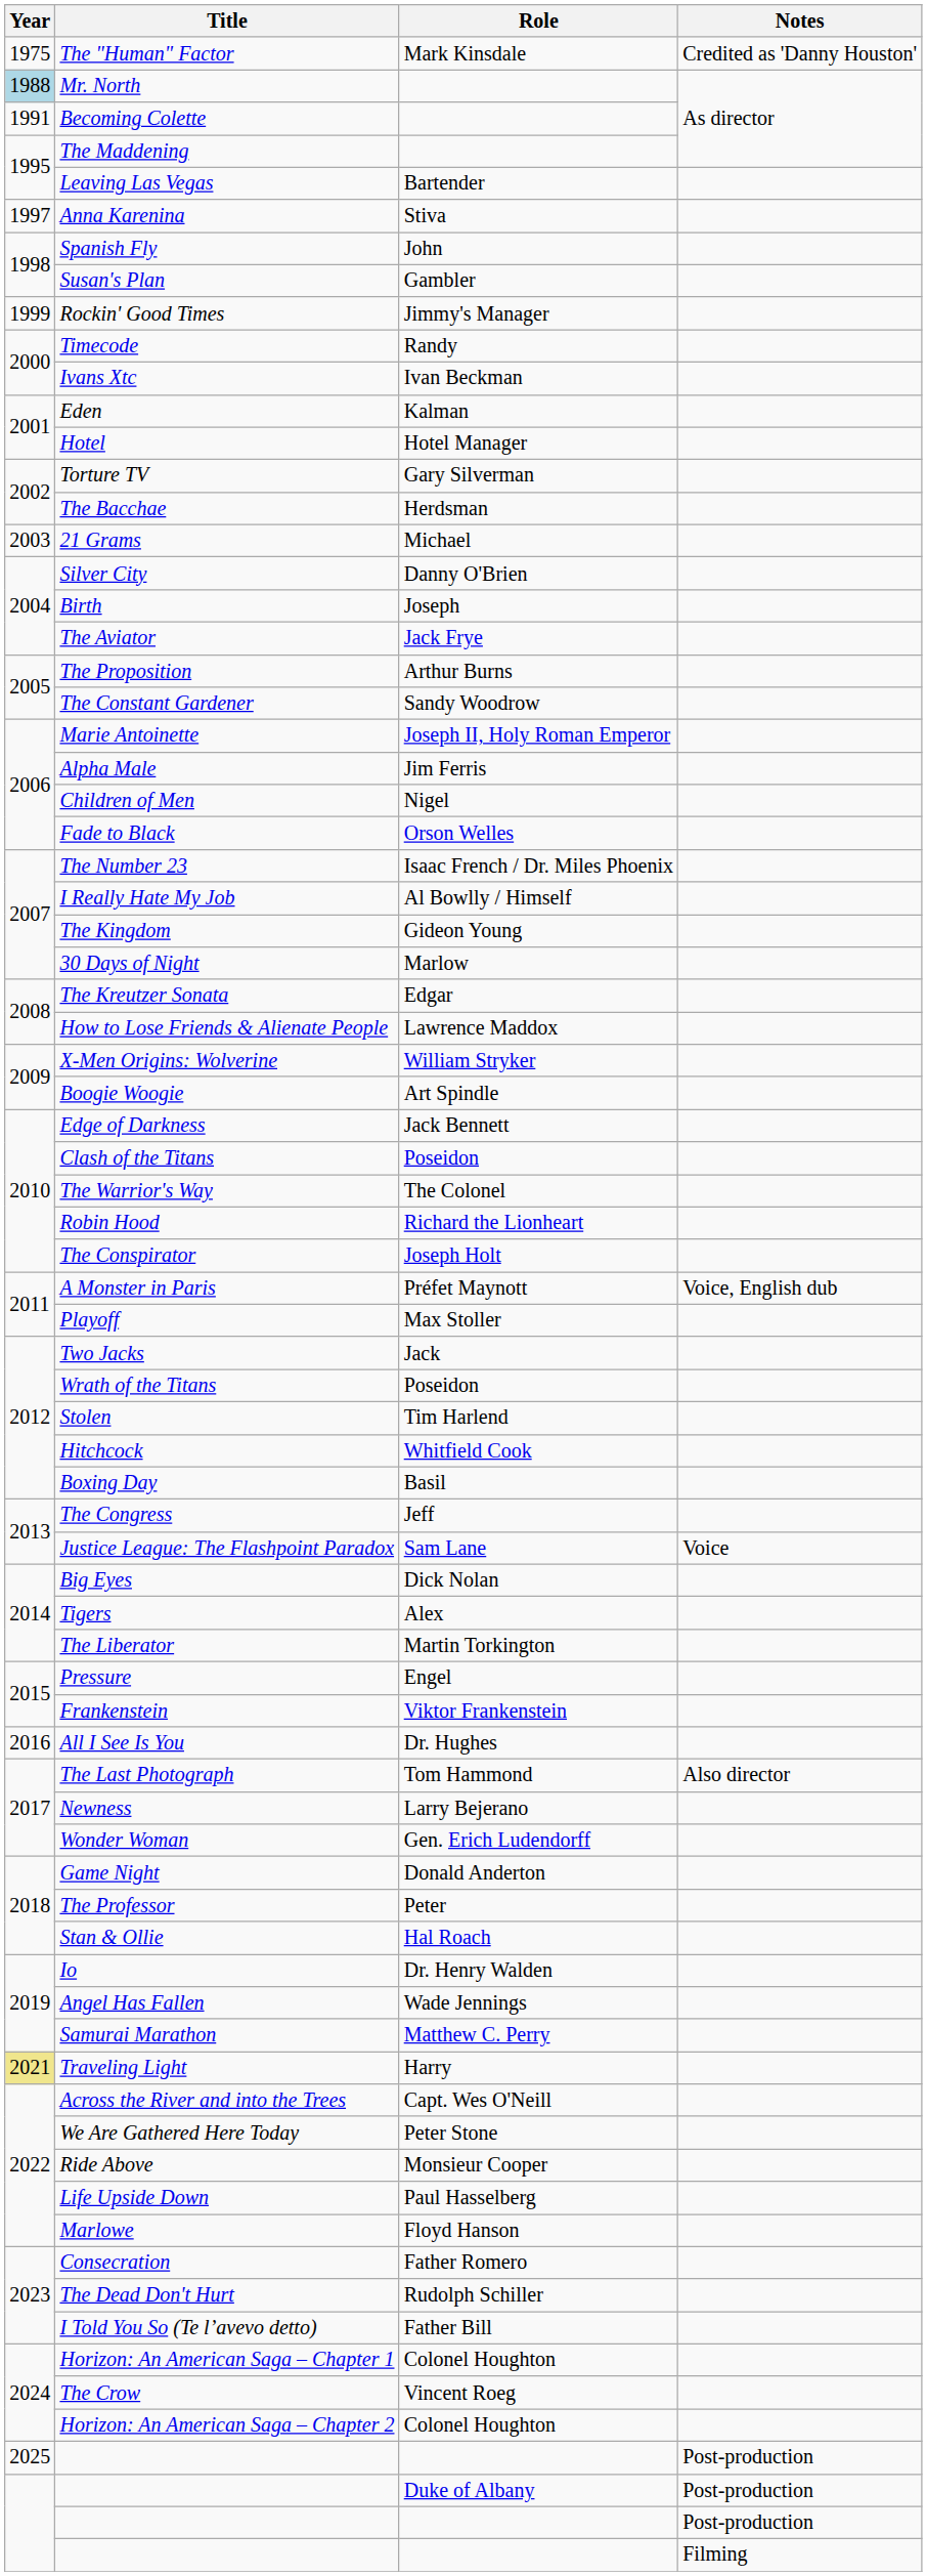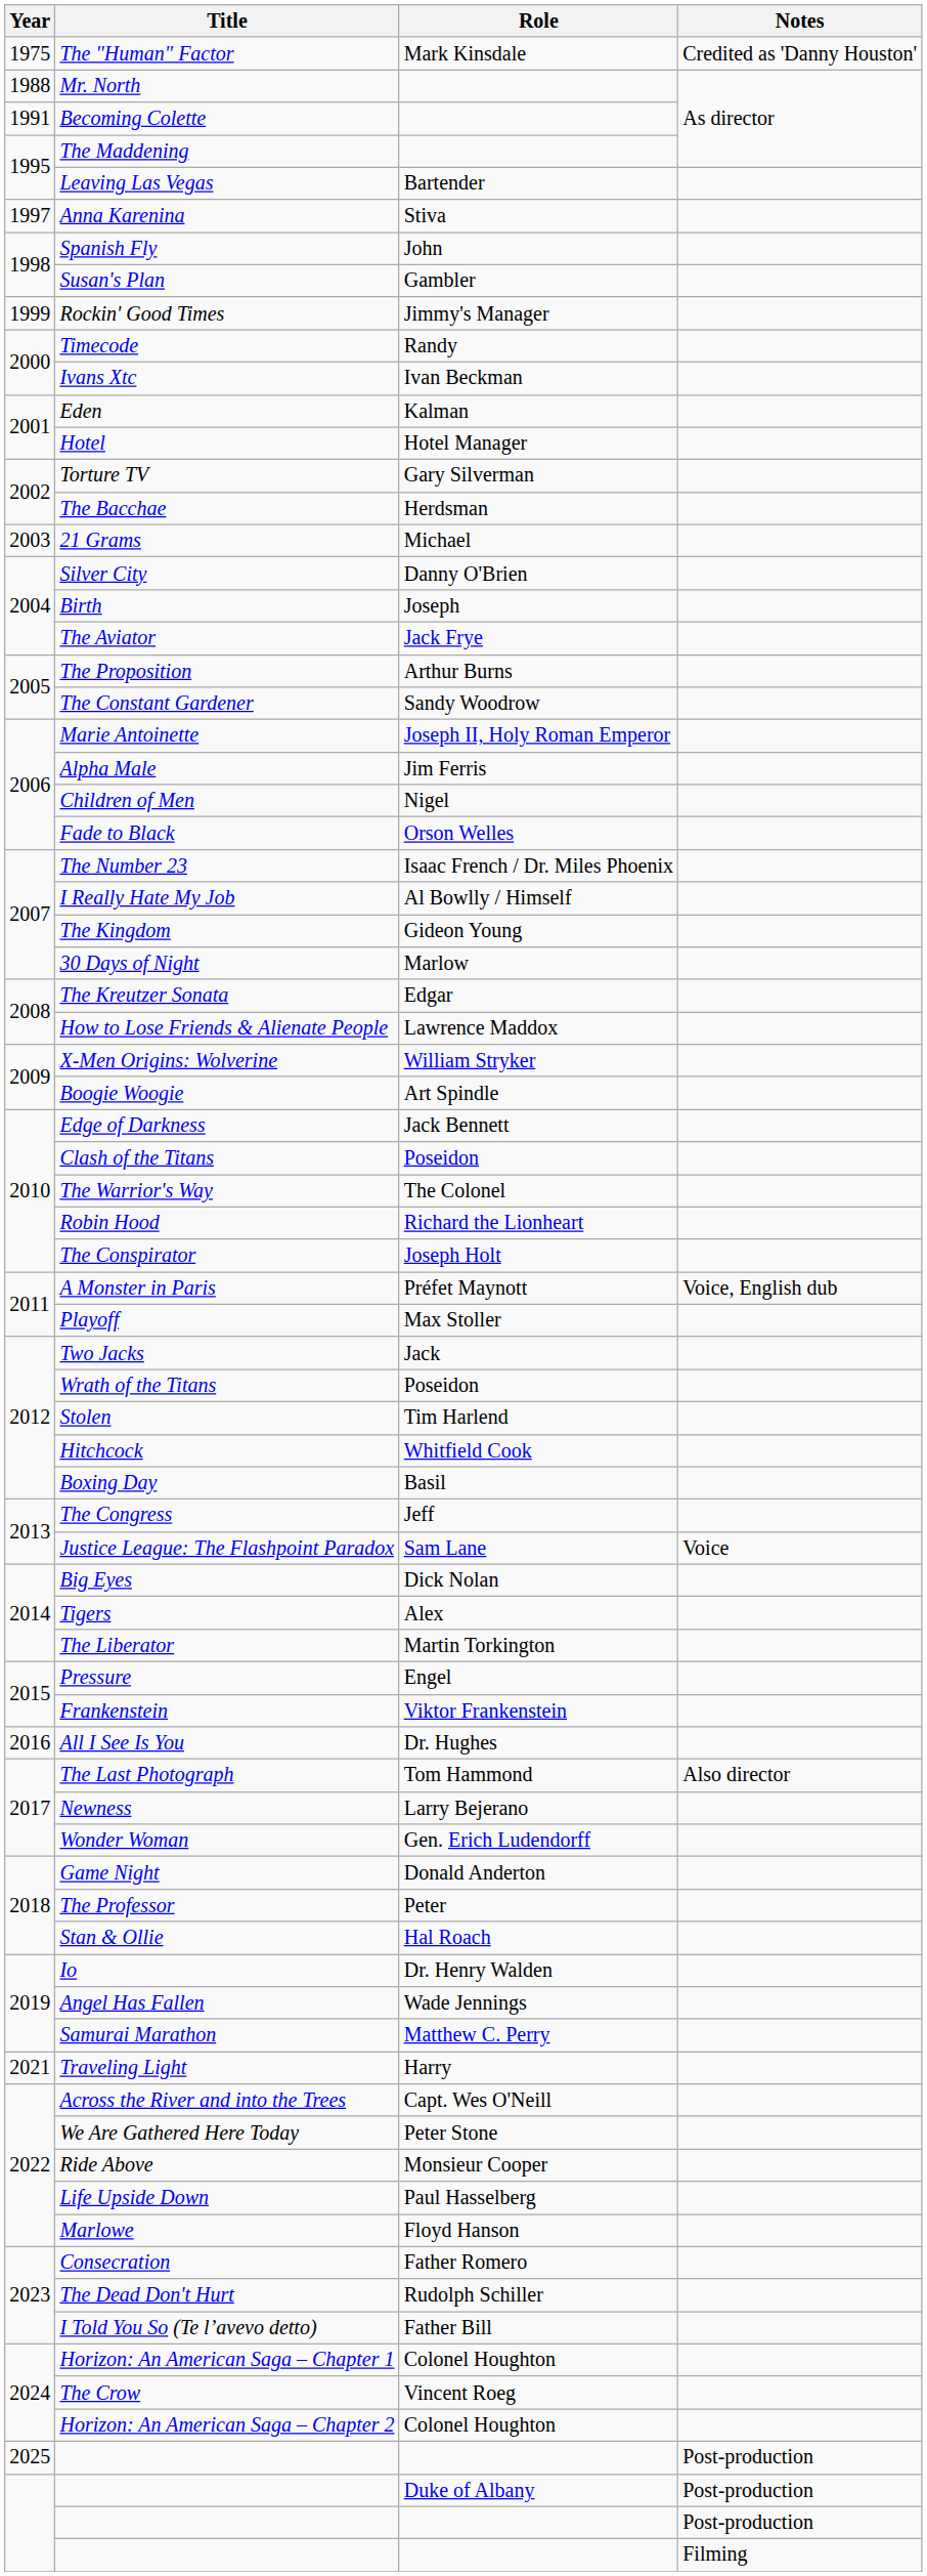 <table class="wikitable sortable">
 <tr>
 <th>Year</th>
 <th>Title</th>
 <th>Role</th>
 <th class=unsortable>Notes</th>
 </tr>
 <tr>
 <td>1975</td>
 <td><em><a href='#'>The "Human" Factor</a></em></td>
 <td>Mark Kinsdale</td>
 <td>Credited as 'Danny Houston'</td>
 </tr>
 <tr>
-<td style="background: lightblue;">1988</td>
+<td>1988</td>
 <td><em><a href='#'>Mr. North</a></em></td>
 <td></td>
 <td rowspan="3">As director</td>
 </tr>
 <tr>
 <td>1991</td>
 <td><em><a href='#'>Becoming Colette</a></em></td>
 <td></td>
 </tr>
 <tr>
 <td rowspan="2">1995</td>
 <td><em><a href='#'>The Maddening</a></em></td>
 <td></td>
 </tr>
 <tr>
 <td><em><a href='#'>Leaving Las Vegas</a></em></td>
 <td>Bartender</td>
 <td></td>
 </tr>
 <tr>
 <td>1997</td>
 <td><em><a href='#'>Anna Karenina</a></em></td>
 <td>Stiva</td>
 <td></td>
 </tr>
 <tr>
 <td rowspan="2">1998</td>
 <td><em><a href='#'>Spanish Fly</a></em></td>
 <td>John</td>
 <td></td>
 </tr>
 <tr>
 <td><em><a href='#'>Susan's Plan</a></em></td>
 <td>Gambler</td>
 <td></td>
 </tr>
 <tr>
 <td>1999</td>
 <td><em>Rockin' Good Times</em></td>
 <td>Jimmy's Manager</td>
 <td></td>
 </tr>
 <tr>
 <td rowspan="2">2000</td>
 <td><em><a href='#'>Timecode</a></em></td>
 <td>Randy</td>
 <td></td>
 </tr>
 <tr>
 <td><em><a href='#'>Ivans Xtc</a></em></td>
 <td>Ivan Beckman</td>
 <td></td>
 </tr>
 <tr>
 <td rowspan="2">2001</td>
 <td><em>Eden</em></td>
 <td>Kalman</td>
 <td></td>
 </tr>
 <tr>
 <td><em><a href='#'>Hotel</a></em></td>
 <td>Hotel Manager</td>
 <td></td>
 </tr>
 <tr>
 <td rowspan="2">2002</td>
 <td><em>Torture TV</em></td>
 <td>Gary Silverman</td>
 <td></td>
 </tr>
 <tr>
 <td><em><a href='#'>The Bacchae</a></em></td>
 <td>Herdsman</td>
 <td></td>
 </tr>
 <tr>
 <td>2003</td>
 <td><em><a href='#'>21 Grams</a></em></td>
 <td>Michael</td>
 <td></td>
 </tr>
 <tr>
 <td rowspan="3">2004</td>
 <td><em><a href='#'>Silver City</a></em></td>
 <td>Danny O'Brien</td>
 <td></td>
 </tr>
 <tr>
 <td><em><a href='#'>Birth</a></em></td>
 <td>Joseph</td>
 <td></td>
 </tr>
 <tr>
 <td><em><a href='#'>The Aviator</a></em></td>
 <td><a href='#'>Jack Frye</a></td>
 <td></td>
 </tr>
 <tr>
 <td rowspan="2">2005</td>
 <td><em><a href='#'>The Proposition</a></em></td>
 <td>Arthur Burns</td>
 <td></td>
 </tr>
 <tr>
 <td><em><a href='#'>The Constant Gardener</a></em></td>
 <td>Sandy Woodrow</td>
 <td></td>
 </tr>
 <tr>
 <td rowspan="4">2006</td>
 <td><em><a href='#'>Marie Antoinette</a></em></td>
 <td><a href='#'>Joseph II, Holy Roman Emperor</a></td>
 <td></td>
 </tr>
 <tr>
 <td><em><a href='#'>Alpha Male</a></em></td>
 <td>Jim Ferris</td>
 <td></td>
 </tr>
 <tr>
 <td><em><a href='#'>Children of Men</a></em></td>
 <td>Nigel</td>
 <td></td>
 </tr>
 <tr>
 <td><em><a href='#'>Fade to Black</a></em></td>
 <td><a href='#'>Orson Welles</a></td>
 <td></td>
 </tr>
 <tr>
 <td rowspan="4">2007</td>
 <td><em><a href='#'>The Number 23</a></em></td>
 <td>Isaac French / Dr. Miles Phoenix</td>
 <td></td>
 </tr>
 <tr>
 <td><em><a href='#'>I Really Hate My Job</a></em></td>
 <td>Al Bowlly / Himself</td>
 <td></td>
 </tr>
 <tr>
 <td><em><a href='#'>The Kingdom</a></em></td>
 <td>Gideon Young</td>
 <td></td>
 </tr>
 <tr>
 <td><em><a href='#'>30 Days of Night</a></em></td>
 <td>Marlow</td>
 <td></td>
 </tr>
 <tr>
 <td rowspan="2">2008</td>
 <td><em><a href='#'>The Kreutzer Sonata</a></em></td>
 <td>Edgar</td>
 <td></td>
 </tr>
 <tr>
 <td><em><a href='#'>How to Lose Friends & Alienate People</a></em></td>
 <td>Lawrence Maddox</td>
 <td></td>
 </tr>
 <tr>
 <td rowspan="2">2009</td>
 <td><em><a href='#'>X-Men Origins: Wolverine</a></em></td>
 <td><a href='#'>William Stryker</a></td>
 <td></td>
 </tr>
 <tr>
 <td><em><a href='#'>Boogie Woogie</a></em></td>
 <td>Art Spindle</td>
 <td></td>
 </tr>
 <tr>
 <td rowspan="5">2010</td>
 <td><em><a href='#'>Edge of Darkness</a></em></td>
 <td>Jack Bennett</td>
 <td></td>
 </tr>
 <tr>
 <td><em><a href='#'>Clash of the Titans</a></em></td>
 <td><a href='#'>Poseidon</a></td>
 <td></td>
 </tr>
 <tr>
 <td><em><a href='#'>The Warrior's Way</a></em></td>
 <td>The Colonel</td>
 <td></td>
 </tr>
 <tr>
 <td><em><a href='#'>Robin Hood</a></em></td>
 <td><a href='#'>Richard the Lionheart</a></td>
 <td></td>
 </tr>
 <tr>
 <td><em><a href='#'>The Conspirator</a></em></td>
 <td><a href='#'>Joseph Holt</a></td>
 <td></td>
 </tr>
 <tr>
 <td rowspan="2">2011</td>
 <td><em><a href='#'>A Monster in Paris</a></em></td>
 <td>Préfet Maynott</td>
 <td>Voice, English dub</td>
 </tr>
 <tr>
 <td><em><a href='#'>Playoff</a></em></td>
 <td>Max Stoller</td>
 <td></td>
 </tr>
 <tr>
 <td rowspan="5">2012</td>
 <td><em><a href='#'>Two Jacks</a></em></td>
 <td>Jack</td>
 <td></td>
 </tr>
 <tr>
 <td><em><a href='#'>Wrath of the Titans</a></em></td>
 <td>Poseidon</td>
 <td></td>
 </tr>
 <tr>
 <td><em><a href='#'>Stolen</a></em></td>
 <td>Tim Harlend</td>
 <td></td>
 </tr>
 <tr>
 <td><em><a href='#'>Hitchcock</a></em></td>
 <td><a href='#'>Whitfield Cook</a></td>
 <td></td>
 </tr>
 <tr>
 <td><em><a href='#'>Boxing Day</a></em></td>
 <td>Basil</td>
 <td></td>
 </tr>
 <tr>
 <td rowspan="2">2013</td>
 <td><em><a href='#'>The Congress</a></em></td>
 <td>Jeff</td>
 <td></td>
 </tr>
 <tr>
 <td><em><a href='#'>Justice League: The Flashpoint Paradox</a></em></td>
 <td><a href='#'>Sam Lane</a></td>
 <td>Voice</td>
 </tr>
 <tr>
 <td rowspan="3">2014</td>
 <td><em><a href='#'>Big Eyes</a></em></td>
 <td>Dick Nolan</td>
 <td></td>
 </tr>
 <tr>
 <td><em><a href='#'>Tigers</a></em></td>
 <td>Alex</td>
 <td></td>
 </tr>
 <tr>
 <td><em><a href='#'>The Liberator</a></em></td>
 <td>Martin Torkington</td>
 <td></td>
 </tr>
 <tr>
 <td rowspan="2">2015</td>
 <td><em><a href='#'>Pressure</a></em></td>
 <td>Engel</td>
 <td></td>
 </tr>
 <tr>
 <td><em><a href='#'>Frankenstein</a></em></td>
 <td><a href='#'>Viktor Frankenstein</a></td>
 <td></td>
 </tr>
 <tr>
 <td>2016</td>
 <td><em><a href='#'>All I See Is You</a></em></td>
 <td>Dr. Hughes</td>
 <td></td>
 </tr>
 <tr>
 <td rowspan="3">2017</td>
 <td><em><a href='#'>The Last Photograph</a></em></td>
 <td>Tom Hammond</td>
 <td>Also director</td>
 </tr>
 <tr>
 <td><em><a href='#'>Newness</a></em></td>
 <td>Larry Bejerano</td>
 <td></td>
 </tr>
 <tr>
 <td><em><a href='#'>Wonder Woman</a></em></td>
 <td>Gen. <a href='#'>Erich Ludendorff</a></td>
 <td></td>
 </tr>
 <tr>
 <td rowspan="3">2018</td>
 <td><em><a href='#'>Game Night</a></em></td>
 <td>Donald Anderton</td>
 <td></td>
 </tr>
 <tr>
 <td><em><a href='#'>The Professor</a></em></td>
 <td>Peter</td>
 <td></td>
 </tr>
 <tr>
 <td><em><a href='#'>Stan & Ollie</a></em></td>
 <td><a href='#'>Hal Roach</a></td>
 <td></td>
 </tr>
 <tr>
 <td rowspan="3">2019</td>
 <td><em><a href='#'>Io</a></em></td>
 <td>Dr. Henry Walden</td>
 <td></td>
 </tr>
 <tr>
 <td><em><a href='#'>Angel Has Fallen</a></em></td>
 <td>Wade Jennings</td>
 <td></td>
 </tr>
 <tr>
 <td><em><a href='#'>Samurai Marathon</a></em></td>
 <td><a href='#'>Matthew C. Perry</a></td>
 <td></td>
 </tr>
 <tr>
-<td rowspan="1" style="background: khaki;">2021</td>
+<td rowspan="1">2021</td>
 <td><em><a href='#'>Traveling Light</a></em></td>
 <td>Harry</td>
 <td></td>
 </tr>
 <tr>
 <td rowspan="5">2022</td>
 <td><em><a href='#'>Across the River and into the Trees</a></em></td>
 <td>Capt. Wes O'Neill</td>
 <td></td>
 </tr>
 <tr>
 <td><em>We Are Gathered Here Today</em></td>
 <td>Peter Stone</td>
 <td></td>
 </tr>
 <tr>
 <td><em>Ride Above</em></td>
 <td>Monsieur Cooper</td>
 <td></td>
 </tr>
 <tr>
 <td><em><a href='#'>Life Upside Down</a></em></td>
 <td>Paul Hasselberg</td>
 <td></td>
 </tr>
 <tr>
 <td><em><a href='#'>Marlowe</a></em></td>
 <td>Floyd Hanson</td>
 <td></td>
 </tr>
 <tr>
 <td rowspan="3">2023</td>
 <td><em><a href='#'>Consecration</a></em></td>
 <td>Father Romero</td>
 <td></td>
 </tr>
 <tr>
 <td><em><a href='#'>The Dead Don't Hurt</a></em></td>
 <td>Rudolph Schiller</td>
 <td></td>
 </tr>
 <tr>
 <td><em><a href='#'>I Told You So</a> (Te l’avevo detto)</em></td>
 <td>Father Bill</td>
 <td></td>
 </tr>
 <tr>
 <td rowspan="3">2024</td>
 <td><em><a href='#'>Horizon: An American Saga – Chapter 1</a></em></td>
 <td>Colonel Houghton</td>
 <td></td>
 </tr>
 <tr>
 <td><em><a href='#'>The Crow</a></em></td>
 <td>Vincent Roeg</td>
 <td></td>
 </tr>
 <tr>
 <td><em><a href='#'>Horizon: An American Saga – Chapter 2</a></em></td>
 <td>Colonel Houghton</td>
 <td></td>
 </tr>
 <tr>
 <td>2025</td>
 <td></td>
 <td></td>
 <td>Post-production</td>
 </tr>
 <tr>
 <td rowspan="3"></td>
 <td></td>
 <td><a href='#'>Duke of Albany</a></td>
 <td>Post-production</td>
 </tr>
 <tr>
 <td></td>
 <td></td>
 <td>Post-production</td>
 </tr>
 <tr>
 <td></td>
 <td></td>
 <td>Filming</td>
 </tr>
 </table>
